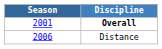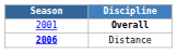 <table class="wikitable" style="font-size:95%; text-align:center; border:grey solid 1px; border-collapse:collapse; background:#ffffff;">
 <tr style="background-color:#369; color:white;">
 <td rowspan="2" colspan="1" style="width:110px"><strong>Season</strong></td>
 </tr>
 <tr style="background-color:#4180be; color:white;">
 <td style="width:110px"><strong>Discipline</strong></td>
 </tr>
 <tr>
 <td align=center><a href='#'>2001</a></td>
 <td align=center> <strong>Overall</strong> </td>
 </tr>
 <tr>
-<td align=center><a href='#'>2006</a></td>
+<td align=center><strong><a href='#'>2006</a></strong></td>
 <td align=center> Distance </td>
 </tr>
 </table>
